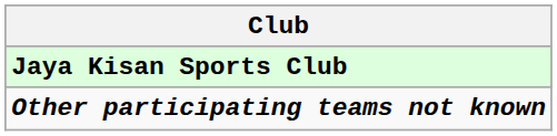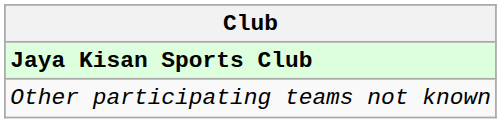 <table class="wikitable" border="1">
 <tr>
 <th>Club</th>
 </tr>
 <tr bgcolor=#dfd>
 <td><strong>Jaya Kisan Sports Club</strong></td>
 </tr>
 <tr>
-<td><strong><em>Other participating teams not known</em></strong></td>
+<td><em>Other participating teams not known</em></td>
 </tr>
 </table>
